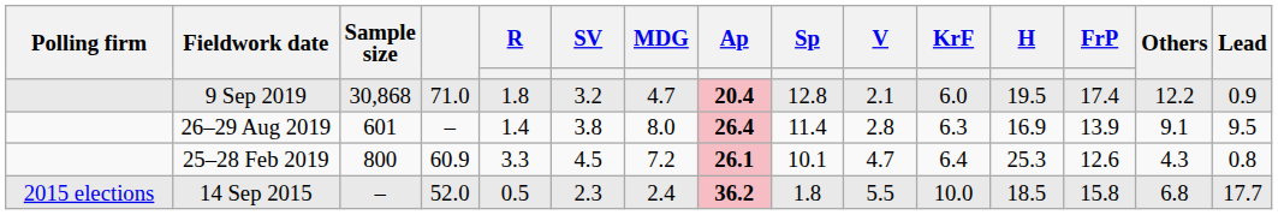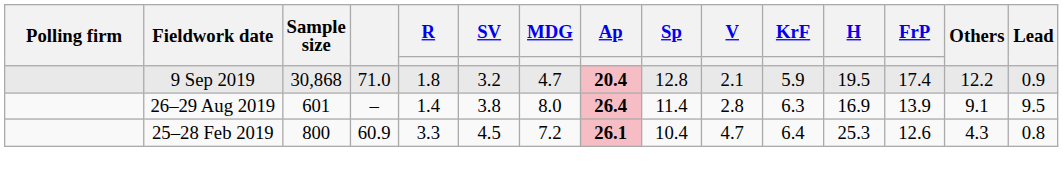 <table class="wikitable sortable" style="text-align:center;font-size:90%;line-height:14px;">
 <tr style="height:40px;">
 <th style="width:100px;" rowspan="2">Polling firm</th>
 <th style="width:100px;" rowspan="2">Fieldwork date</th>
 <th style="width:35px;" rowspan="2">Sample<br>size</th>
 <th style="width:30px;" rowspan="2"></th>
 <th class="unsortable" style="width:40px;"><a href='#'>R</a></th>
 <th class="unsortable" style="width:40px;"><a href='#'>SV</a></th>
 <th class="unsortable" style="width:40px;"><a href='#'>MDG</a></th>
 <th class="unsortable" style="width:40px;"><a href='#'>Ap</a></th>
 <th class="unsortable" style="width:40px;"><a href='#'>Sp</a></th>
 <th class="unsortable" style="width:40px;"><a href='#'>V</a></th>
 <th class="unsortable" style="width:40px;"><a href='#'>KrF</a></th>
 <th class="unsortable" style="width:40px;"><a href='#'>H</a></th>
 <th class="unsortable" style="width:40px;"><a href='#'>FrP</a></th>
 <th class="unsortable" style="width:30px;" rowspan="2">Others</th>
 <th style="width:30px;" rowspan="2">Lead</th>
 </tr>
 <tr>
 <th style="background:"></th>
 <th style="background:"></th>
 <th style="background:"></th>
 <th style="background:"></th>
 <th style="background:"></th>
 <th style="background:"></th>
 <th style="background:"></th>
 <th style="background:"></th>
 <th style="background:"></th>
 </tr>
 <tr style="background:#E9E9E9;">
 <td></td>
 <td data-sort-value="2019-09-09">9 Sep 2019</td>
 <td>30,868</td>
 <td>71.0</td>
 <td>1.8</td>
 <td>3.2</td>
 <td>4.7</td>
 <td style="background:#F7BDC5;"><strong>20.4</strong></td>
 <td>12.8</td>
 <td>2.1</td>
-<td>6.0</td>
+<td>5.9</td>
 <td>19.5</td>
 <td>17.4</td>
 <td>12.2</td>
 <td style="background:">0.9</td>
 </tr>
 <tr>
 <td></td>
 <td data-sort-value="2019-09-02">26–29 Aug 2019</td>
 <td>601</td>
 <td>–</td>
 <td>1.4</td>
 <td>3.8</td>
 <td>8.0</td>
 <td style="background:#F7BDC5;"><strong>26.4</strong></td>
 <td>11.4</td>
 <td>2.8</td>
 <td>6.3</td>
 <td>16.9</td>
 <td>13.9</td>
 <td>9.1</td>
 <td style="background:">9.5</td>
 </tr>
 <tr>
 <td></td>
 <td data-sort-value="2019-02-28">25–28 Feb 2019</td>
 <td>800</td>
 <td>60.9</td>
 <td>3.3</td>
 <td>4.5</td>
 <td>7.2</td>
 <td style="background:#F7BDC5;"><strong>26.1</strong></td>
-<td>10.1</td>
+<td>10.4</td>
 <td>4.7</td>
 <td>6.4</td>
 <td>25.3</td>
 <td>12.6</td>
 <td>4.3</td>
 <td style="background:">0.8</td>
 </tr>
-<tr style="background:#E9E9E9;">
-<td><a href='#'>2015 elections</a></td>
-<td data-sort-value="2015-09-14">14 Sep 2015</td>
-<td>–</td>
-<td>52.0</td>
-<td>0.5</td>
-<td>2.3</td>
-<td>2.4</td>
-<td style="background:#F7BDC5;"><strong>36.2</strong></td>
-<td>1.8</td>
-<td>5.5</td>
-<td>10.0</td>
-<td>18.5</td>
-<td>15.8</td>
-<td>6.8</td>
-<td style="background:">17.7</td>
-</tr>
 </table>
